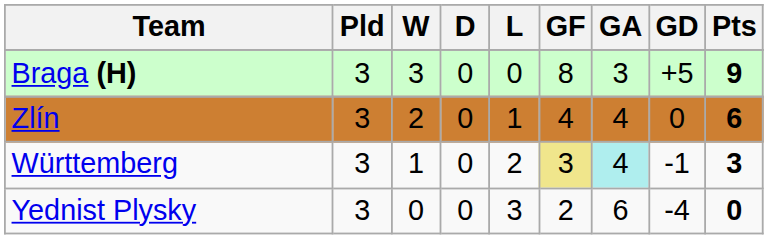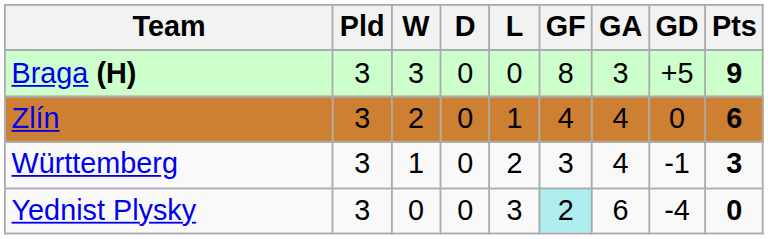 <table class="wikitable" style="text-align:center;">
 <tr>
 <th width=175>Team</th>
 <th width=20 abbr="Played">Pld</th>
 <th width=20 abbr="Won">W</th>
 <th width=20 abbr="Drawn">D</th>
 <th width=20 abbr="Lost">L</th>
 <th width=20 abbr="Goals for">GF</th>
 <th width=20 abbr="Goals against">GA</th>
 <th width=20 abbr="Goal difference">GD</th>
 <th width=20 abbr="Points">Pts</th>
 </tr>
 <tr>
 </tr>
 <tr bgcolor="#ccffcc">
 <td align=left> <a href='#'>Braga</a> <strong>(H)</strong></td>
 <td>3</td>
 <td>3</td>
 <td>0</td>
 <td>0</td>
 <td>8</td>
 <td>3</td>
 <td>+5</td>
 <td><strong>9</strong></td>
 </tr>
 <tr>
 </tr>
 <tr bgcolor="#CD7F32">
 <td align=left> <a href='#'>Zlín</a></td>
 <td>3</td>
 <td>2</td>
 <td>0</td>
 <td>1</td>
 <td>4</td>
 <td>4</td>
 <td>0</td>
 <td><strong>6</strong></td>
 </tr>
 <tr>
 <td align=left> <a href='#'>Württemberg</a></td>
 <td>3</td>
 <td>1</td>
 <td>0</td>
 <td>2</td>
-<td style="background: khaki;">3</td>
-<td style="background: paleturquoise;">4</td>
+<td>3</td>
+<td>4</td>
 <td>-1</td>
 <td><strong>3</strong></td>
 </tr>
 <tr>
 <td align=left> <a href='#'>Yednist Plysky</a></td>
 <td>3</td>
 <td>0</td>
 <td>0</td>
 <td>3</td>
-<td>2</td>
+<td style="background: paleturquoise;">2</td>
 <td>6</td>
 <td>-4</td>
 <td><strong>0</strong></td>
 </tr>
 </table>
